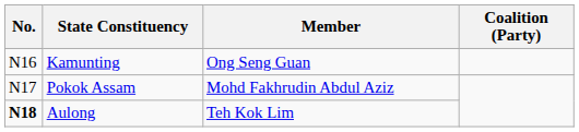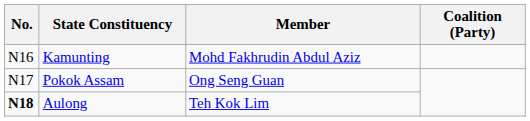 <table class="wikitable">
 <tr>
 <th width="30">No.</th>
 <th width="150">State Constituency</th>
 <th width="245">Member</th>
 <th width="105">Coalition (Party)</th>
 </tr>
 <tr>
 <td>N16</td>
 <td><a href='#'>Kamunting</a></td>
-<td><a href='#'>Ong Seng Guan</a></td>
+<td><a href='#'>Mohd Fakhrudin Abdul Aziz</a></td>
 <td></td>
 </tr>
 <tr>
 <td>N17</td>
 <td><a href='#'>Pokok Assam</a></td>
-<td><a href='#'>Mohd Fakhrudin Abdul Aziz</a></td>
+<td><a href='#'>Ong Seng Guan</a></td>
 <td rowspan="2"></td>
 </tr>
 <tr>
 <td><strong>N18</strong></td>
 <td><a href='#'>Aulong</a></td>
 <td><a href='#'>Teh Kok Lim</a></td>
 </tr>
 </table>
